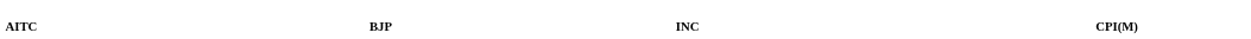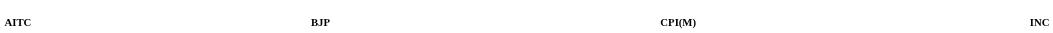 <table style="width:100%; text-align:center;">
 <tr style="color:white;">
 <td style="background:"><strong>37</strong></td>
 <td style="background:"><strong>5</strong></td>
+<td style="background:"><strong>4</strong></td>
 <td style="background:"><strong>1</strong></td>
-<td style="background:"><strong>4</strong></td>
 </tr>
 <tr>
 <td><span><strong>AITC</strong></span></td>
 <td><span><strong>BJP</strong></span></td>
+<td><span><strong>CPI(M)</strong></span></td>
 <td><span><strong>INC</strong></span></td>
-<td><span><strong>CPI(M)</strong></span></td>
 </tr>
 </table>
